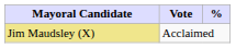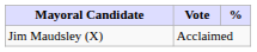 <table class="wikitable">
 <tr>
 <th style="background:#ddf; width:200px;">Mayoral Candidate </th>
 <th style="background:#ddf; width:50px;">Vote</th>
 <th style="background:#ddf; width:30px;">%</th>
 </tr>
 <tr>
-<td style="background: khaki;">Jim Maudsley (X)</td>
+<td>Jim Maudsley (X)</td>
 <td colspan="2">Acclaimed</td>
 </tr>
 </table>
